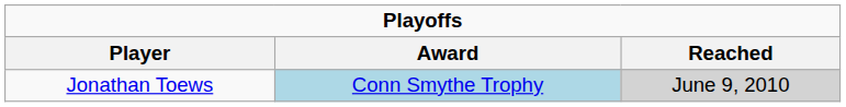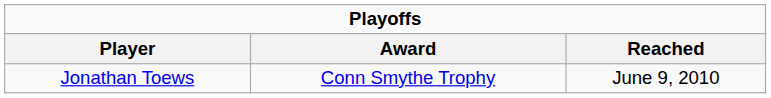 <table class="wikitable"  style="width:52%; text-align:center;">
 <tr>
 <td colspan="10" style="text-align:center;"><strong>Playoffs</strong></td>
 </tr>
 <tr>
 <th>Player</th>
 <th>Award</th>
 <th>Reached</th>
 </tr>
 <tr>
 <td><a href='#'>Jonathan Toews</a></td>
-<td style="background: lightblue;"><a href='#'>Conn Smythe Trophy</a></td>
-<td style="background: lightgrey;">June 9, 2010</td>
+<td><a href='#'>Conn Smythe Trophy</a></td>
+<td>June 9, 2010</td>
 </tr>
 </table>
